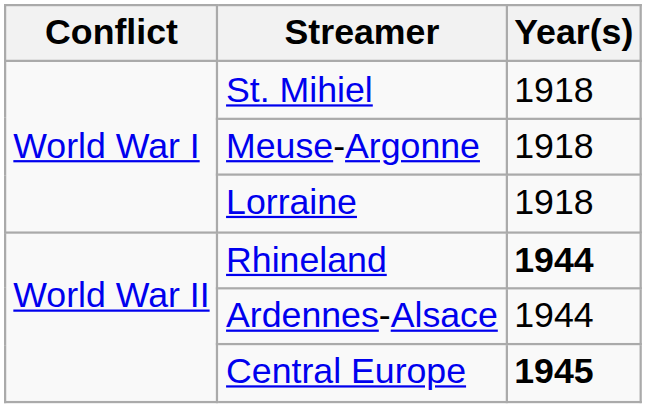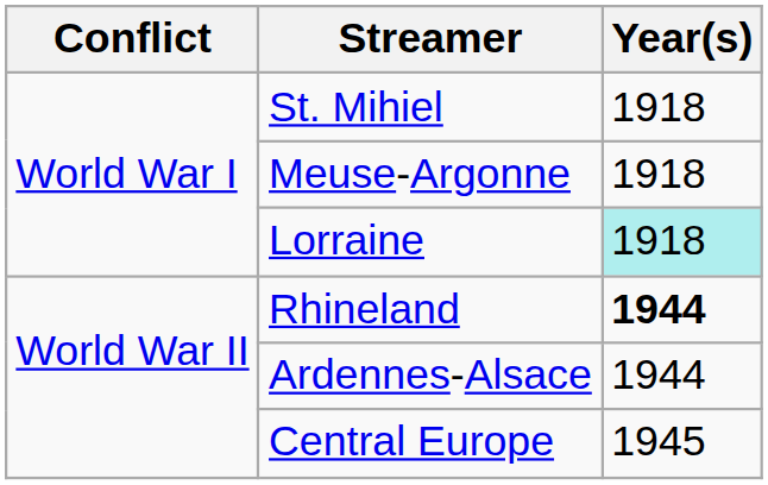 <table class=wikitable>
 <tr>
 <th>Conflict</th>
 <th>Streamer</th>
 <th>Year(s)</th>
 </tr>
 <tr>
 <td rowspan="3"><a href='#'>World War I</a> <br> </td>
 <td><a href='#'>St. Mihiel</a></td>
 <td>1918</td>
 </tr>
 <tr>
 <td><a href='#'>Meuse</a>-<a href='#'>Argonne</a></td>
 <td>1918</td>
 </tr>
 <tr>
 <td><a href='#'>Lorraine</a></td>
-<td>1918</td>
+<td style="background: paleturquoise;">1918</td>
 </tr>
 <tr>
 <td rowspan="3"><a href='#'>World War II</a> <br> <br> </td>
 <td><a href='#'>Rhineland</a></td>
 <td><strong>1944</strong></td>
 </tr>
 <tr>
 <td><a href='#'>Ardennes</a>-<a href='#'>Alsace</a></td>
 <td>1944</td>
 </tr>
 <tr>
 <td><a href='#'>Central Europe</a></td>
-<td><strong>1945</strong></td>
+<td>1945</td>
 </tr>
 </table>
